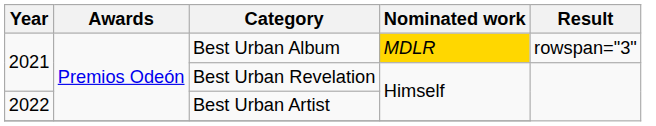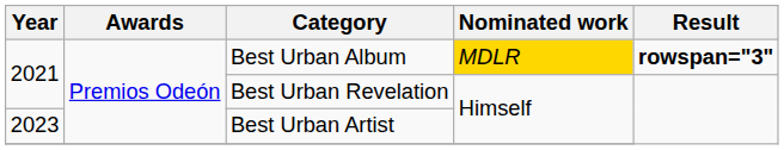 <table class="wikitable sortable">
 <tr>
 <th>Year</th>
 <th>Awards</th>
 <th>Category</th>
 <th>Nominated work</th>
 <th>Result</th>
 </tr>
 <tr>
 <td rowspan="2">2021</td>
 <td rowspan="3"><a href='#'>Premios Odeón</a></td>
 <td>Best Urban Album</td>
 <td style="background: gold;"><em>MDLR</em></td>
-<td>rowspan="3" </td>
+<td><strong>rowspan="3" </strong></td>
 </tr>
 <tr>
 <td>Best Urban Revelation</td>
 <td rowspan="2">Himself</td>
 </tr>
 <tr>
-<td>2022</td>
+<td>2023</td>
 <td>Best Urban Artist</td>
 </tr>
 <tr>
 </tr>
 </table>
